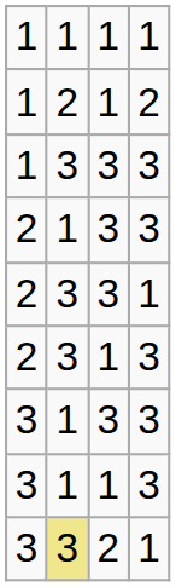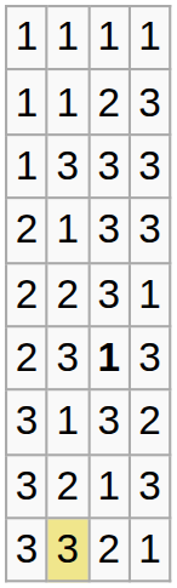 <table class="wikitable">
 <tr>
 <td>1</td>
 <td>1</td>
 <td>1</td>
 <td>1</td>
 </tr>
 <tr>
 <td>1</td>
-<td>2</td>
 <td>1</td>
 <td>2</td>
+<td>3</td>
 </tr>
 <tr>
 <td>1</td>
 <td>3</td>
 <td>3</td>
 <td>3</td>
 </tr>
 <tr>
 <td>2</td>
 <td>1</td>
 <td>3</td>
 <td>3</td>
 </tr>
 <tr>
 <td>2</td>
-<td>3</td>
+<td>2</td>
 <td>3</td>
 <td>1</td>
 </tr>
 <tr>
 <td>2</td>
 <td>3</td>
-<td>1</td>
+<td><strong>1</strong></td>
 <td>3</td>
 </tr>
 <tr>
 <td>3</td>
 <td>1</td>
 <td>3</td>
-<td>3</td>
+<td>2</td>
 </tr>
 <tr>
 <td>3</td>
-<td>1</td>
+<td>2</td>
 <td>1</td>
 <td>3</td>
 </tr>
 <tr>
 <td>3</td>
 <td style="background: khaki;">3</td>
 <td>2</td>
 <td>1</td>
 </tr>
 </table>
